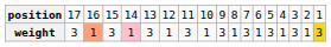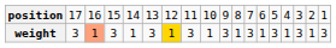 <table class="wikitable" style="text-align: center">
 <tr>
 <th>position</th>
 <td>17</td>
 <td>16</td>
 <td>15</td>
 <td>14</td>
 <td>13</td>
 <td>12</td>
 <td>11</td>
 <td>10</td>
 <td>9</td>
 <td>8</td>
 <td>7</td>
 <td>6</td>
 <td>5</td>
 <td>4</td>
 <td>3</td>
 <td>2</td>
 <td>1</td>
 </tr>
 <tr>
 <th>weight</th>
 <td>3</td>
 <td style="background: lightsalmon;">1</td>
 <td>3</td>
-<td style="background: pink;">1</td>
+<td>1</td>
+<td>3</td>
+<td style="background: gold;">1</td>
 <td>3</td>
 <td>1</td>
 <td>3</td>
 <td>1</td>
 <td>3</td>
 <td>1</td>
 <td>3</td>
 <td>1</td>
 <td>3</td>
 <td>1</td>
 <td>3</td>
-<td>1</td>
-<td style="background: gold;">3</td>
 </tr>
 </table>
